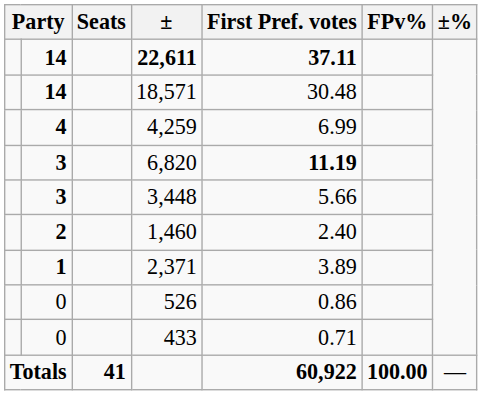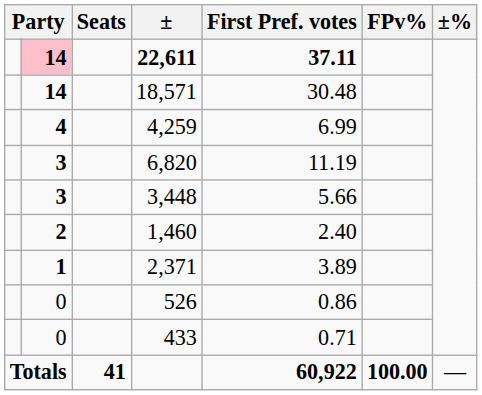 <table class=wikitable>
 <tr>
 <th colspan=2 align=center>Party</th>
 <th valign=top>Seats</th>
 <th valign=top>±</th>
 <th valign=top>First Pref. votes</th>
 <th valign=top>FPv%</th>
 <th valign=top>±%</th>
 </tr>
 <tr>
 <td></td>
-<td align=right><strong>14</strong></td>
+<td align=right style="background: pink;"><strong>14</strong></td>
 <td align=right></td>
 <td align=right><strong>22,611</strong></td>
 <td align=right><strong>37.11</strong></td>
 <td align=right></td>
 </tr>
 <tr>
 <td></td>
 <td align=right><strong>14</strong></td>
 <td align=right></td>
 <td align=right>18,571</td>
 <td align=right>30.48</td>
 <td align=right></td>
 </tr>
 <tr>
 <td></td>
 <td align=right><strong>4</strong></td>
 <td align=right></td>
 <td align=right>4,259</td>
 <td align=right>6.99</td>
 <td align=right></td>
 </tr>
 <tr>
 <td></td>
 <td align=right><strong>3</strong></td>
 <td align=right></td>
 <td align=right>6,820</td>
-<td align=right><strong>11.19</strong></td>
+<td align=right>11.19</td>
 <td align=right></td>
 </tr>
 <tr>
 <td></td>
 <td align=right><strong>3</strong></td>
 <td align=right></td>
 <td align=right>3,448</td>
 <td align=right>5.66</td>
 <td align=right></td>
 </tr>
 <tr>
 <td></td>
 <td align=right><strong>2</strong></td>
 <td align=right></td>
 <td align=right>1,460</td>
 <td align=right>2.40</td>
 <td align=right></td>
 </tr>
 <tr>
 <td></td>
 <td align=right><strong>1</strong></td>
 <td align=right></td>
 <td align=right>2,371</td>
 <td align=right>3.89</td>
 <td align=right></td>
 </tr>
 <tr>
 <td></td>
 <td align=right>0</td>
 <td align=right></td>
 <td align=right>526</td>
 <td align=right>0.86</td>
 <td align=right></td>
 </tr>
 <tr>
 <td></td>
 <td align=right>0</td>
 <td align=right></td>
 <td align=right>433</td>
 <td align=right>0.71</td>
 <td align=right></td>
 </tr>
 <tr>
 <td colspan=2 align=center><strong>Totals</strong></td>
 <td align=right><strong>41</strong></td>
 <td align=center></td>
 <td align=right><strong>60,922</strong></td>
 <td align=center><strong>100.00</strong></td>
 <td align=center>—</td>
 </tr>
 </table>
